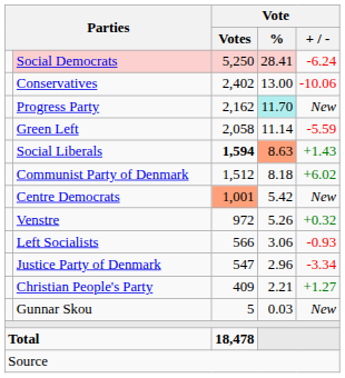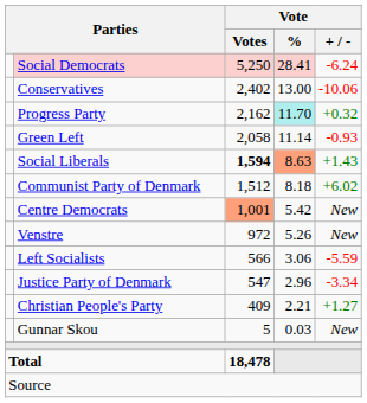 <table class="wikitable" style="text-align:right;">
 <tr>
 <th style="text-align:centre;" rowspan="2" colspan="2" width="225">Parties</th>
 <th colspan="3">Vote</th>
 </tr>
 <tr>
 <th width="15">Votes</th>
 <th width="15">%</th>
 <th width="15">+ / -</th>
 </tr>
 <tr>
 <td width="2" style="color:inherit;background:"></td>
 <td bgcolor=#fbd0ce  align="left"><a href='#'>Social Democrats</a></td>
 <td bgcolor=#fbd0ce>5,250</td>
 <td bgcolor=#fbd0ce>28.41</td>
 <td style=color:red;>-6.24</td>
 </tr>
 <tr>
 <td width="2" style="color:inherit;background:"></td>
 <td align="left"><a href='#'>Conservatives</a></td>
 <td>2,402</td>
 <td>13.00</td>
 <td style=color:red;>-10.06</td>
 </tr>
 <tr>
 <td width="2" style="color:inherit;background:"></td>
 <td align="left"><a href='#'>Progress Party</a></td>
 <td>2,162</td>
 <td style="background: paleturquoise;">11.70</td>
-<td><em>New</em></td>
+<td style=color:green;>+0.32</td>
 </tr>
 <tr>
 <td width="2" style="color:inherit;background:"></td>
 <td align="left"><a href='#'>Green Left</a></td>
 <td>2,058</td>
 <td>11.14</td>
-<td style=color:red;>-5.59</td>
+<td style=color:red;>-0.93</td>
 </tr>
 <tr>
 <td width="2" style="color:inherit;background:"></td>
 <td align="left"><a href='#'>Social Liberals</a></td>
 <td><strong>1,594</strong></td>
 <td style="background: lightsalmon;">8.63</td>
 <td style=color:green;>+1.43</td>
 </tr>
 <tr>
 <td width="2" style="color:inherit;background:"></td>
 <td align="left"><a href='#'>Communist Party of Denmark</a></td>
 <td>1,512</td>
 <td>8.18</td>
 <td style=color:green;>+6.02</td>
 </tr>
 <tr>
 <td width="2" style="color:inherit;background:"></td>
 <td align="left"><a href='#'>Centre Democrats</a></td>
 <td style="background: lightsalmon;">1,001</td>
 <td>5.42</td>
 <td><em>New</em></td>
 </tr>
 <tr>
 <td width="2" style="color:inherit;background:"></td>
 <td align="left"><a href='#'>Venstre</a></td>
 <td>972</td>
 <td>5.26</td>
-<td style=color:green;>+0.32</td>
+<td><em>New</em></td>
 </tr>
 <tr>
 <td width="2" style="color:inherit;background:"></td>
 <td align="left"><a href='#'>Left Socialists</a></td>
 <td>566</td>
 <td>3.06</td>
-<td style=color:red;>-0.93</td>
+<td style=color:red;>-5.59</td>
 </tr>
 <tr>
 <td width="2" style="color:inherit;background:"></td>
 <td align="left"><a href='#'>Justice Party of Denmark</a></td>
 <td>547</td>
 <td>2.96</td>
 <td style=color:red;>-3.34</td>
 </tr>
 <tr>
 <td width="2" style="color:inherit;background:"></td>
 <td align="left"><a href='#'>Christian People's Party</a></td>
 <td>409</td>
 <td>2.21</td>
 <td style=color:green;>+1.27</td>
 </tr>
 <tr>
 <td width="2" style="color:inherit;background:"></td>
 <td align="left">Gunnar Skou</td>
 <td>5</td>
 <td>0.03</td>
 <td><em>New</em></td>
 </tr>
 <tr>
 <td colspan="7" bgcolor="#E9E9E9"></td>
 </tr>
 <tr>
 <td align="left" colspan="2"><strong>Total</strong></td>
 <td><strong>18,478</strong></td>
 <td bgcolor="#E9E9E9" colspan="2"></td>
 </tr>
 <tr>
 <td align="left" colspan="6">Source</td>
 </tr>
 </table>
